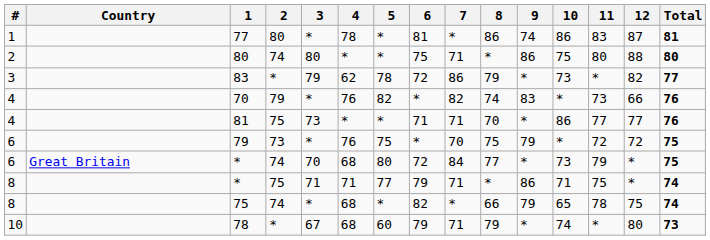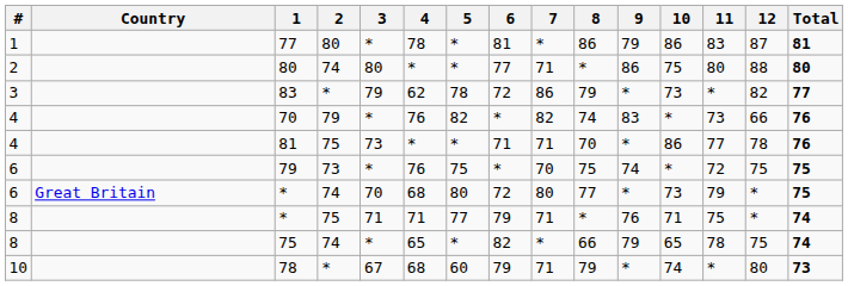 <table class="wikitable">
 <tr>
 <th>#</th>
 <th width=200>Country</th>
 <th width=30>1</th>
 <th width=30>2</th>
 <th width=30>3</th>
 <th width=30>4</th>
 <th width=30>5</th>
 <th width=30>6</th>
 <th width=30>7</th>
 <th width=30>8</th>
 <th width=30>9</th>
 <th width=30>10</th>
 <th width=30>11</th>
 <th width=30>12</th>
 <th width=40>Total</th>
 </tr>
 <tr>
 <td>1</td>
 <td></td>
 <td>77</td>
 <td>80</td>
 <td>*</td>
 <td>78</td>
 <td>*</td>
 <td>81</td>
 <td>*</td>
 <td>86</td>
-<td>74</td>
+<td>79</td>
 <td>86</td>
 <td>83</td>
 <td>87</td>
 <td><strong>81</strong></td>
 </tr>
 <tr>
 <td>2</td>
 <td></td>
 <td>80</td>
 <td>74</td>
 <td>80</td>
 <td>*</td>
 <td>*</td>
-<td>75</td>
+<td>77</td>
 <td>71</td>
 <td>*</td>
 <td>86</td>
 <td>75</td>
 <td>80</td>
 <td>88</td>
 <td><strong>80</strong></td>
 </tr>
 <tr>
 <td>3</td>
 <td></td>
 <td>83</td>
 <td>*</td>
 <td>79</td>
 <td>62</td>
 <td>78</td>
 <td>72</td>
 <td>86</td>
 <td>79</td>
 <td>*</td>
 <td>73</td>
 <td>*</td>
 <td>82</td>
 <td><strong>77</strong></td>
 </tr>
 <tr>
 <td>4</td>
 <td></td>
 <td>70</td>
 <td>79</td>
 <td>*</td>
 <td>76</td>
 <td>82</td>
 <td>*</td>
 <td>82</td>
 <td>74</td>
 <td>83</td>
 <td>*</td>
 <td>73</td>
 <td>66</td>
 <td><strong>76</strong></td>
 </tr>
 <tr>
 <td>4</td>
 <td></td>
 <td>81</td>
 <td>75</td>
 <td>73</td>
 <td>*</td>
 <td>*</td>
 <td>71</td>
 <td>71</td>
 <td>70</td>
 <td>*</td>
 <td>86</td>
 <td>77</td>
-<td>77</td>
+<td>78</td>
 <td><strong>76</strong></td>
 </tr>
 <tr>
 <td>6</td>
 <td></td>
 <td>79</td>
 <td>73</td>
 <td>*</td>
 <td>76</td>
 <td>75</td>
 <td>*</td>
 <td>70</td>
 <td>75</td>
-<td>79</td>
+<td>74</td>
 <td>*</td>
 <td>72</td>
-<td>72</td>
+<td>75</td>
 <td><strong>75</strong></td>
 </tr>
 <tr>
 <td>6</td>
 <td> <a href='#'>Great Britain</a></td>
 <td>*</td>
 <td>74</td>
 <td>70</td>
 <td>68</td>
 <td>80</td>
 <td>72</td>
-<td>84</td>
+<td>80</td>
 <td>77</td>
 <td>*</td>
 <td>73</td>
 <td>79</td>
 <td>*</td>
 <td><strong>75</strong></td>
 </tr>
 <tr>
 <td>8</td>
 <td></td>
 <td>*</td>
 <td>75</td>
 <td>71</td>
 <td>71</td>
 <td>77</td>
 <td>79</td>
 <td>71</td>
 <td>*</td>
-<td>86</td>
+<td>76</td>
 <td>71</td>
 <td>75</td>
 <td>*</td>
 <td><strong>74</strong></td>
 </tr>
 <tr>
 <td>8</td>
 <td></td>
 <td>75</td>
 <td>74</td>
 <td>*</td>
-<td>68</td>
+<td>65</td>
 <td>*</td>
 <td>82</td>
 <td>*</td>
 <td>66</td>
 <td>79</td>
 <td>65</td>
 <td>78</td>
 <td>75</td>
 <td><strong>74</strong></td>
 </tr>
 <tr>
 <td>10</td>
 <td></td>
 <td>78</td>
 <td>*</td>
 <td>67</td>
 <td>68</td>
 <td>60</td>
 <td>79</td>
 <td>71</td>
 <td>79</td>
 <td>*</td>
 <td>74</td>
 <td>*</td>
 <td>80</td>
 <td><strong>73</strong></td>
 </tr>
 </table>
